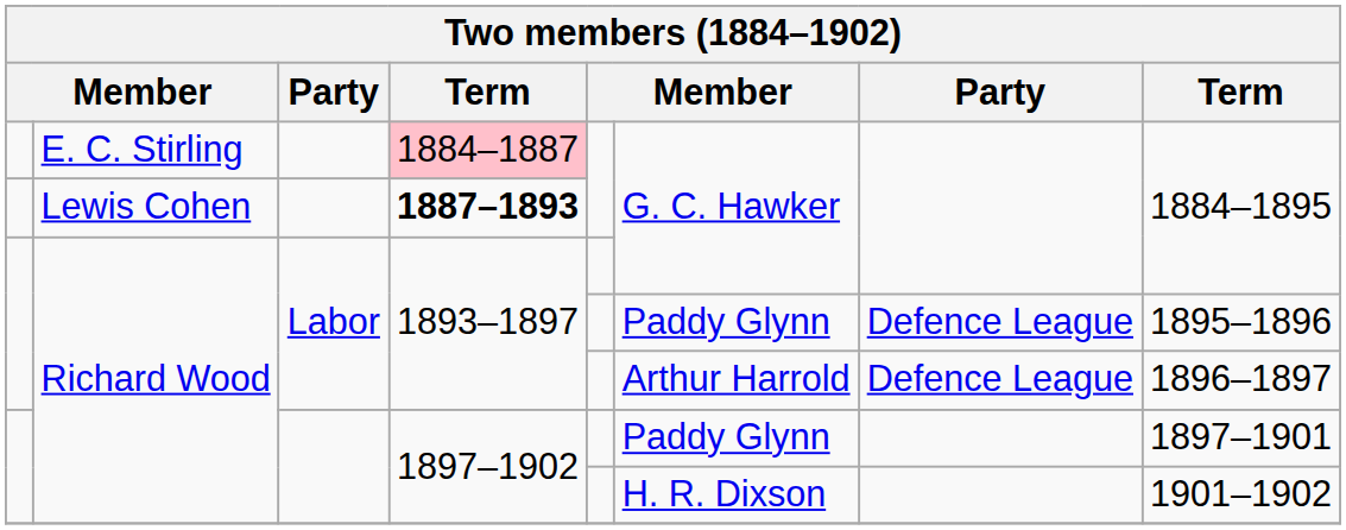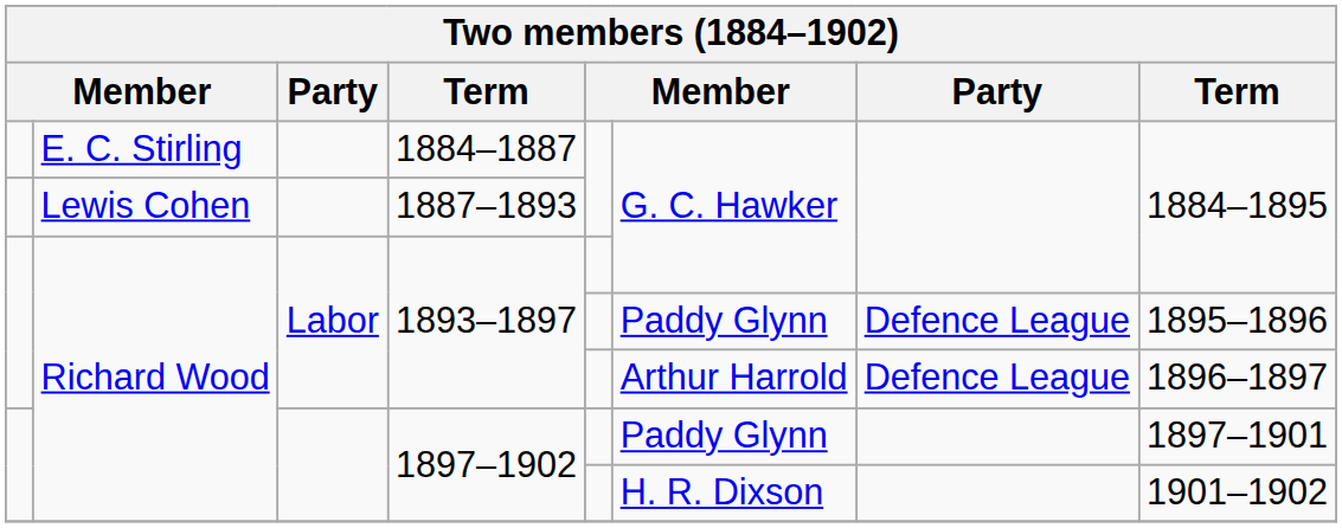 <table class="wikitable">
 <tr>
 <th colspan=8>Two members (1884–1902)</th>
 </tr>
 <tr>
 <th colspan=2>Member</th>
 <th>Party</th>
 <th>Term</th>
 <th colspan=2>Member</th>
 <th>Party</th>
 <th>Term</th>
 </tr>
 <tr>
 <td> </td>
 <td><a href='#'>E. C. Stirling</a></td>
 <td></td>
-<td style="background: pink;">1884–1887</td>
+<td>1884–1887</td>
 <td rowspan=2 > </td>
 <td rowspan=3><a href='#'>G. C. Hawker</a></td>
 <td rowspan=3></td>
 <td rowspan=3>1884–1895</td>
 </tr>
 <tr>
 <td> </td>
 <td><a href='#'>Lewis Cohen</a></td>
 <td></td>
-<td><strong>1887–1893</strong></td>
+<td>1887–1893</td>
 </tr>
 <tr>
 <td rowspan=3 > </td>
 <td rowspan=5><a href='#'>Richard Wood</a></td>
 <td rowspan=3><a href='#'>Labor</a></td>
 <td rowspan=3>1893–1897</td>
 <td> </td>
 </tr>
 <tr>
 <td> </td>
 <td><a href='#'>Paddy Glynn</a></td>
 <td><a href='#'>Defence League</a></td>
 <td>1895–1896</td>
 </tr>
 <tr>
 <td> </td>
 <td><a href='#'>Arthur Harrold</a></td>
 <td><a href='#'>Defence League</a></td>
 <td>1896–1897</td>
 </tr>
 <tr>
 <td rowspan=2 > </td>
 <td rowspan=2></td>
 <td rowspan=2>1897–1902</td>
 <td> </td>
 <td><a href='#'>Paddy Glynn</a></td>
 <td></td>
 <td>1897–1901</td>
 </tr>
 <tr>
 <td> </td>
 <td><a href='#'>H. R. Dixson</a></td>
 <td></td>
 <td>1901–1902</td>
 </tr>
 <tr>
 </tr>
 </table>
